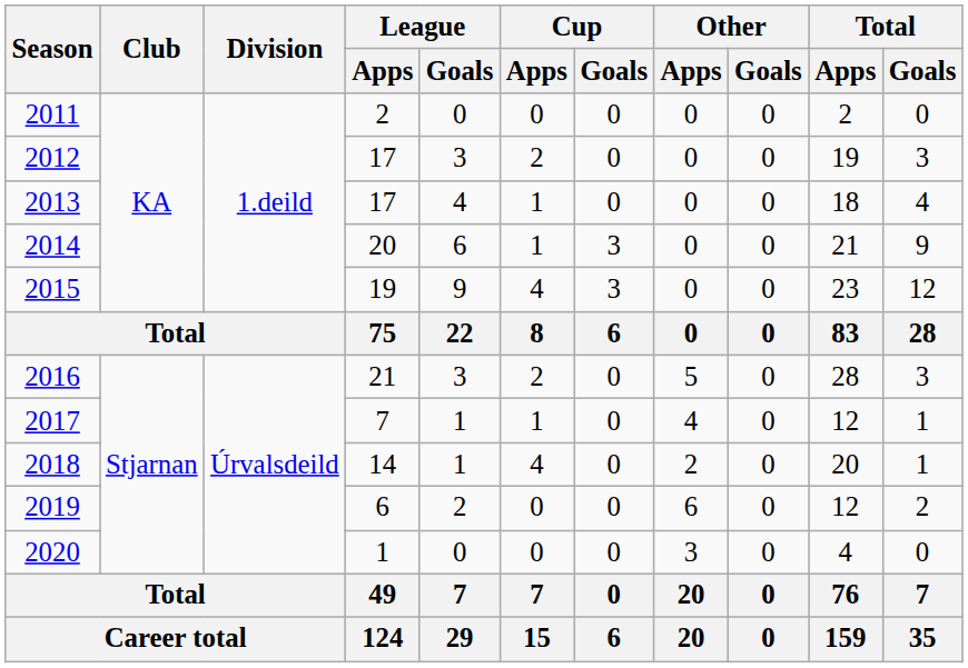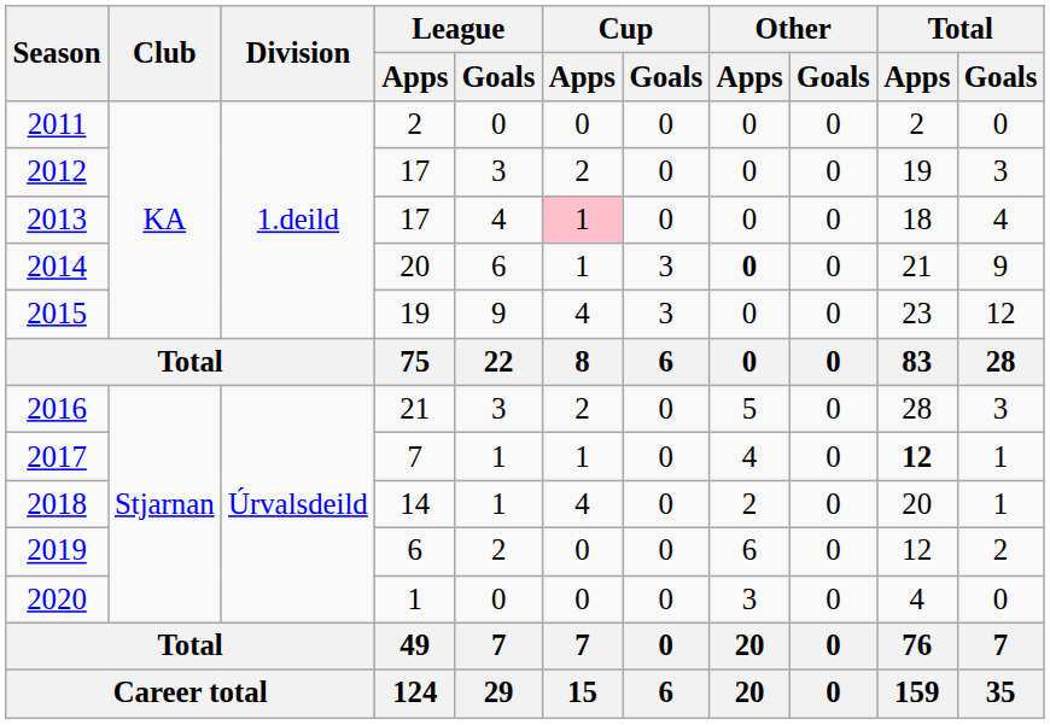 <table class="wikitable" style="text-align: center;">
 <tr>
 <th rowspan="2">Season</th>
 <th rowspan="2">Club</th>
 <th rowspan="2">Division</th>
 <th colspan="2">League</th>
 <th colspan="2">Cup</th>
 <th colspan="2">Other</th>
 <th colspan="2">Total</th>
 </tr>
 <tr>
 <th>Apps</th>
 <th>Goals</th>
 <th>Apps</th>
 <th>Goals</th>
 <th>Apps</th>
 <th>Goals</th>
 <th>Apps</th>
 <th>Goals</th>
 </tr>
 <tr>
 <td><a href='#'>2011</a></td>
 <td rowspan="5" valign="center"><a href='#'>KA</a></td>
 <td rowspan="5" valign="center"><a href='#'>1.deild</a></td>
 <td>2</td>
 <td>0</td>
 <td>0</td>
 <td>0</td>
 <td>0</td>
 <td>0</td>
 <td>2</td>
 <td>0</td>
 </tr>
 <tr>
 <td><a href='#'>2012</a></td>
 <td>17</td>
 <td>3</td>
 <td>2</td>
 <td>0</td>
 <td>0</td>
 <td>0</td>
 <td>19</td>
 <td>3</td>
 </tr>
 <tr>
 <td><a href='#'>2013</a></td>
 <td>17</td>
 <td>4</td>
-<td>1</td>
+<td style="background: pink;">1</td>
 <td>0</td>
 <td>0</td>
 <td>0</td>
 <td>18</td>
 <td>4</td>
 </tr>
 <tr>
 <td><a href='#'>2014</a></td>
 <td>20</td>
 <td>6</td>
 <td>1</td>
 <td>3</td>
-<td>0</td>
+<td><strong>0</strong></td>
 <td>0</td>
 <td>21</td>
 <td>9</td>
 </tr>
 <tr>
 <td><a href='#'>2015</a></td>
 <td>19</td>
 <td>9</td>
 <td>4</td>
 <td>3</td>
 <td>0</td>
 <td>0</td>
 <td>23</td>
 <td>12</td>
 </tr>
 <tr>
 <th colspan="3">Total</th>
 <th>75</th>
 <th>22</th>
 <th>8</th>
 <th>6</th>
 <th>0</th>
 <th>0</th>
 <th>83</th>
 <th>28</th>
 </tr>
 <tr>
 <td><a href='#'>2016</a></td>
 <td rowspan="5" valign="center"><a href='#'>Stjarnan</a></td>
 <td rowspan="5" valign="center"><a href='#'>Úrvalsdeild</a></td>
 <td>21</td>
 <td>3</td>
 <td>2</td>
 <td>0</td>
 <td>5</td>
 <td>0</td>
 <td>28</td>
 <td>3</td>
 </tr>
 <tr>
 <td><a href='#'>2017</a></td>
 <td>7</td>
 <td>1</td>
 <td>1</td>
 <td>0</td>
 <td>4</td>
 <td>0</td>
-<td>12</td>
+<td><strong>12</strong></td>
 <td>1</td>
 </tr>
 <tr>
 <td><a href='#'>2018</a></td>
 <td>14</td>
 <td>1</td>
 <td>4</td>
 <td>0</td>
 <td>2</td>
 <td>0</td>
 <td>20</td>
 <td>1</td>
 </tr>
 <tr>
 <td><a href='#'>2019</a></td>
 <td>6</td>
 <td>2</td>
 <td>0</td>
 <td>0</td>
 <td>6</td>
 <td>0</td>
 <td>12</td>
 <td>2</td>
 </tr>
 <tr>
 <td><a href='#'>2020</a></td>
 <td>1</td>
 <td>0</td>
 <td>0</td>
 <td>0</td>
 <td>3</td>
 <td>0</td>
 <td>4</td>
 <td>0</td>
 </tr>
 <tr>
 <th colspan="3">Total</th>
 <th>49</th>
 <th>7</th>
 <th>7</th>
 <th>0</th>
 <th>20</th>
 <th>0</th>
 <th>76</th>
 <th>7</th>
 </tr>
 <tr>
 <th colspan="3">Career total</th>
 <th>124</th>
 <th>29</th>
 <th>15</th>
 <th>6</th>
 <th>20</th>
 <th>0</th>
 <th>159</th>
 <th>35</th>
 </tr>
 </table>
